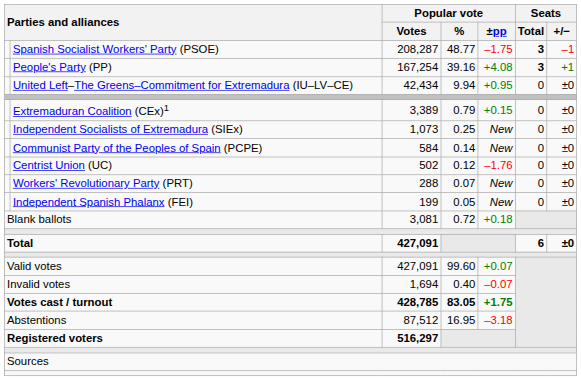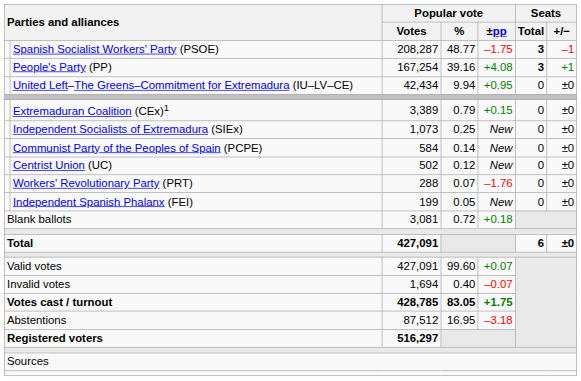 <table class="wikitable" style="text-align:right;">
 <tr>
 <th style="text-align:left;" rowspan="2" colspan="2" width="525">Parties and alliances</th>
 <th colspan="3">Popular vote</th>
 <th colspan="2">Seats</th>
 </tr>
 <tr>
 <th width="75">Votes</th>
 <th width="45">%</th>
 <th width="45">±<a href='#'>pp</a></th>
 <th width="35">Total</th>
 <th width="35">+/−</th>
 </tr>
 <tr>
 <td width="1" style="color:inherit;background:"></td>
 <td align="left"><a href='#'>Spanish Socialist Workers' Party</a> (PSOE)</td>
 <td>208,287</td>
 <td>48.77</td>
 <td style="color:red;">–1.75</td>
 <td><strong>3</strong></td>
 <td style="color:red;">–1</td>
 </tr>
 <tr>
 <td style="color:inherit;background:"></td>
 <td align="left"><a href='#'>People's Party</a> (PP)</td>
 <td>167,254</td>
 <td>39.16</td>
 <td style="color:green;">+4.08</td>
 <td><strong>3</strong></td>
 <td style="color:green;">+1</td>
 </tr>
 <tr>
 <td style="color:inherit;background:"></td>
 <td align="left"><a href='#'>United Left</a>–<a href='#'>The Greens–Commitment for Extremadura</a> (IU–LV–CE)</td>
 <td>42,434</td>
 <td>9.94</td>
 <td style="color:green;">+0.95</td>
 <td>0</td>
 <td>±0</td>
 </tr>
 <tr>
 <td colspan="7" bgcolor="#C0C0C0"></td>
 </tr>
 <tr>
 <td style="color:inherit;background:"></td>
 <td align="left"><a href='#'>Extremaduran Coalition</a> (CEx)<sup>1</sup></td>
 <td>3,389</td>
 <td>0.79</td>
 <td style="color:green;">+0.15</td>
 <td>0</td>
 <td>±0</td>
 </tr>
 <tr>
 <td style="color:inherit;background:"></td>
 <td align="left"><a href='#'>Independent Socialists of Extremadura</a> (SIEx)</td>
 <td>1,073</td>
 <td>0.25</td>
 <td><em>New</em></td>
 <td>0</td>
 <td>±0</td>
 </tr>
 <tr>
 <td style="color:inherit;background:"></td>
 <td align="left"><a href='#'>Communist Party of the Peoples of Spain</a> (PCPE)</td>
 <td>584</td>
 <td>0.14</td>
 <td><em>New</em></td>
 <td>0</td>
 <td>±0</td>
 </tr>
 <tr>
 <td style="color:inherit;background:"></td>
 <td align="left"><a href='#'>Centrist Union</a> (UC)</td>
 <td>502</td>
 <td>0.12</td>
-<td style="color:red;">–1.76</td>
+<td><em>New</em></td>
 <td>0</td>
 <td>±0</td>
 </tr>
 <tr>
 <td style="color:inherit;background:"></td>
 <td align="left"><a href='#'>Workers' Revolutionary Party</a> (PRT)</td>
 <td>288</td>
 <td>0.07</td>
-<td><em>New</em></td>
+<td style="color:red;">–1.76</td>
 <td>0</td>
 <td>±0</td>
 </tr>
 <tr>
 <td style="color:inherit;background:"></td>
 <td align="left"><a href='#'>Independent Spanish Phalanx</a> (FEI)</td>
 <td>199</td>
 <td>0.05</td>
 <td><em>New</em></td>
 <td>0</td>
 <td>±0</td>
 </tr>
 <tr>
 <td align="left" colspan="2">Blank ballots</td>
 <td>3,081</td>
 <td>0.72</td>
 <td style="color:green;">+0.18</td>
 <td bgcolor="#E9E9E9" colspan="2"></td>
 </tr>
 <tr>
 <td colspan="7" bgcolor="#E9E9E9"></td>
 </tr>
 <tr style="font-weight:bold;">
 <td align="left" colspan="2">Total</td>
 <td>427,091</td>
 <td bgcolor="#E9E9E9" colspan="2"></td>
 <td>6</td>
 <td>±0</td>
 </tr>
 <tr>
 <td colspan="7" bgcolor="#E9E9E9"></td>
 </tr>
 <tr>
 <td align="left" colspan="2">Valid votes</td>
 <td>427,091</td>
 <td>99.60</td>
 <td style="color:green;">+0.07</td>
 <td bgcolor="#E9E9E9" colspan="2" rowspan="5"></td>
 </tr>
 <tr>
 <td align="left" colspan="2">Invalid votes</td>
 <td>1,694</td>
 <td>0.40</td>
 <td style="color:red;">–0.07</td>
 </tr>
 <tr style="font-weight:bold;">
 <td align="left" colspan="2">Votes cast / turnout</td>
 <td>428,785</td>
 <td>83.05</td>
 <td style="color:green;">+1.75</td>
 </tr>
 <tr>
 <td align="left" colspan="2">Abstentions</td>
 <td>87,512</td>
 <td>16.95</td>
 <td style="color:red;">–3.18</td>
 </tr>
 <tr style="font-weight:bold;">
 <td align="left" colspan="2">Registered voters</td>
 <td>516,297</td>
 <td bgcolor="#E9E9E9" colspan="2"></td>
 </tr>
 <tr>
 <td colspan="7" bgcolor="#E9E9E9"></td>
 </tr>
 <tr>
 <td align="left" colspan="7">Sources</td>
 </tr>
 <tr>
 <td colspan="7" style="text-align:left; max-width:790px;"></td>
 </tr>
 </table>
